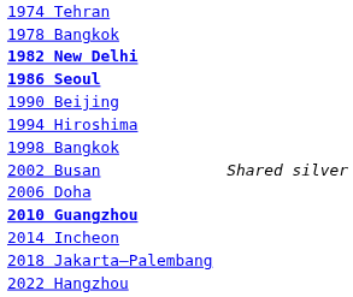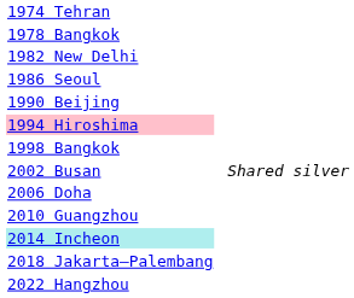 <table>
 <tr>
 <td><a href='#'>1974 Tehran</a></td>
 <td></td>
 <td></td>
 <td></td>
 </tr>
 <tr>
 <td><a href='#'>1978 Bangkok</a></td>
 <td></td>
 <td></td>
 <td></td>
 </tr>
 <tr>
-<td><strong><a href='#'>1982 New Delhi</a></strong></td>
+<td><a href='#'>1982 New Delhi</a></td>
 <td></td>
 <td></td>
 <td></td>
 </tr>
 <tr>
-<td><strong><a href='#'>1986 Seoul</a></strong></td>
+<td><a href='#'>1986 Seoul</a></td>
 <td></td>
 <td></td>
 <td></td>
 </tr>
 <tr>
 <td><a href='#'>1990 Beijing</a></td>
 <td></td>
 <td></td>
 <td></td>
 </tr>
 <tr>
-<td><a href='#'>1994 Hiroshima</a></td>
+<td style="background: pink;"><a href='#'>1994 Hiroshima</a></td>
 <td></td>
 <td></td>
 <td></td>
 </tr>
 <tr>
 <td><a href='#'>1998 Bangkok</a></td>
 <td></td>
 <td></td>
 <td></td>
 </tr>
 <tr>
 <td rowspan=2><a href='#'>2002 Busan</a></td>
 <td rowspan=2></td>
 <td></td>
 <td rowspan=2><em>Shared silver</em></td>
 </tr>
 <tr>
 <td></td>
 </tr>
 <tr>
 <td><a href='#'>2006 Doha</a></td>
 <td></td>
 <td></td>
 <td></td>
 </tr>
 <tr>
-<td><strong><a href='#'>2010 Guangzhou</a></strong></td>
+<td><a href='#'>2010 Guangzhou</a></td>
 <td></td>
 <td></td>
 <td></td>
 </tr>
 <tr>
-<td><a href='#'>2014 Incheon</a></td>
+<td style="background: paleturquoise;"><a href='#'>2014 Incheon</a></td>
 <td></td>
 <td></td>
 <td></td>
 </tr>
 <tr>
 <td><a href='#'>2018 Jakarta–Palembang</a></td>
 <td></td>
 <td></td>
 <td></td>
 </tr>
 <tr>
 <td><a href='#'>2022 Hangzhou</a></td>
 <td></td>
 <td></td>
 <td></td>
 </tr>
 </table>
